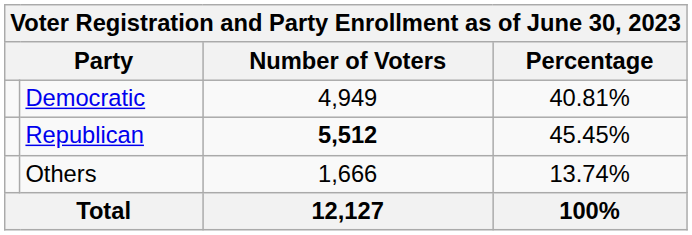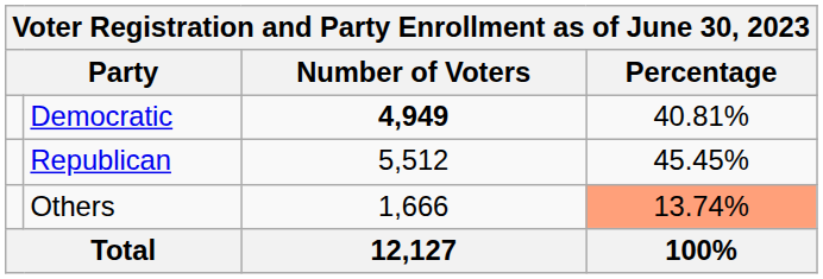 <table class=wikitable>
 <tr>
 <th colspan = 6>Voter Registration and Party Enrollment as of June 30, 2023</th>
 </tr>
 <tr>
 <th colspan = 2>Party</th>
 <th>Number of Voters</th>
 <th>Percentage</th>
 </tr>
 <tr>
 <td></td>
 <td><a href='#'>Democratic</a></td>
-<td align = center>4,949</td>
+<td align = center><strong>4,949</strong></td>
 <td align = center>40.81%</td>
 </tr>
 <tr>
 <td></td>
 <td><a href='#'>Republican</a></td>
-<td align = center><strong>5,512</strong></td>
+<td align = center>5,512</td>
 <td align = center>45.45%</td>
 </tr>
 <tr>
 <td></td>
 <td>Others</td>
 <td align = center>1,666</td>
-<td align = center>13.74%</td>
+<td align = center style="background: lightsalmon;">13.74%</td>
 </tr>
 <tr>
 <th colspan = 2>Total</th>
 <th align = center>12,127</th>
 <th align = center>100%</th>
 </tr>
 </table>
